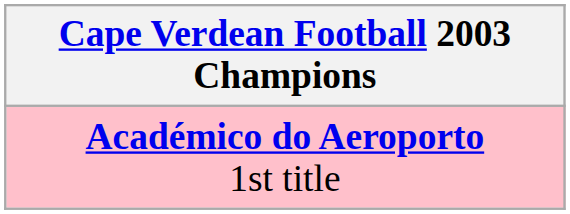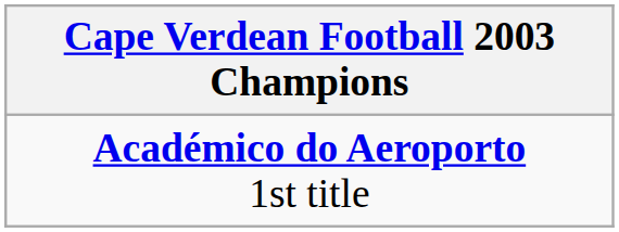 <table class="wikitable" style="margin: 0 auto; width: 240px;">
 <tr>
 <th><a href='#'>Cape Verdean Football</a> 2003<br>Champions</th>
 </tr>
 <tr>
-<td align=center style="background: pink;"><strong><a href='#'>Académico do Aeroporto</a></strong><br>1st title</td>
+<td align=center><strong><a href='#'>Académico do Aeroporto</a></strong><br>1st title</td>
 </tr>
 </table>
